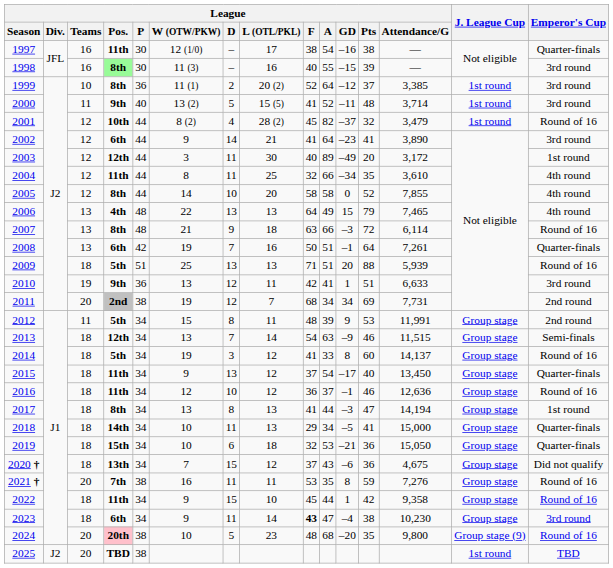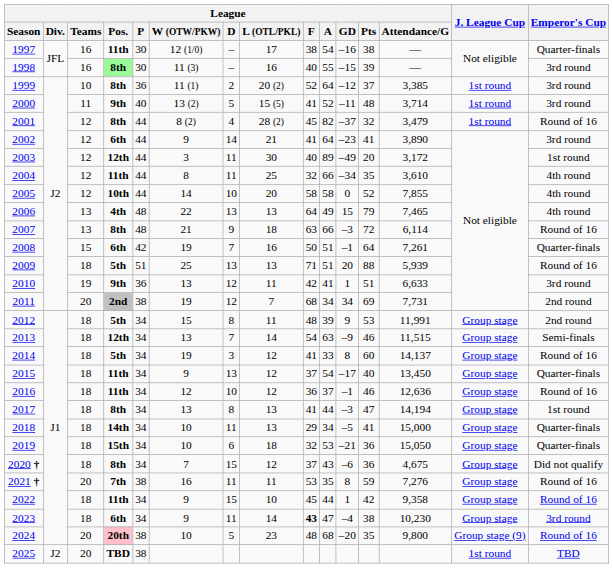 <table class="wikitable" style="text-align:center">
 <tr>
 <th colspan="13">League</th>
 <th rowspan="2"><a href='#'>J. League Cup</a></th>
 <th rowspan="2"><a href='#'>Emperor's Cup</a></th>
 </tr>
 <tr>
 <th>Season</th>
 <th>Div.</th>
 <th>Teams</th>
 <th>Pos.</th>
 <th>P</th>
 <th>W <small>(OTW/PKW)</small></th>
 <th>D</th>
 <th>L <small>(OTL/PKL)</small></th>
 <th>F</th>
 <th>A</th>
 <th>GD</th>
 <th>Pts</th>
 <th>Attendance/G</th>
 </tr>
 <tr>
 <td><a href='#'>1997</a></td>
 <td rowspan="2">JFL</td>
 <td>16</td>
 <td><strong>11th</strong></td>
 <td>30</td>
 <td>12 <small>(1/0)</small></td>
 <td>–</td>
 <td>17</td>
 <td>38</td>
 <td>54</td>
 <td>–16</td>
 <td>38</td>
 <td>—</td>
 <td rowspan="2">Not eligible</td>
 <td>Quarter-finals</td>
 </tr>
 <tr>
 <td><a href='#'>1998</a></td>
 <td>16</td>
 <td bgcolor=palegreen><strong>8th</strong></td>
 <td>30</td>
 <td>11 <small>(3)</small></td>
 <td>–</td>
 <td>16</td>
 <td>40</td>
 <td>55</td>
 <td>–15</td>
 <td>39</td>
 <td>—</td>
 <td>3rd round</td>
 </tr>
 <tr>
 <td><a href='#'>1999</a></td>
 <td rowspan="13">J2</td>
 <td>10</td>
 <td><strong>8th</strong></td>
 <td>36</td>
 <td>11 <small>(1)</small></td>
 <td>2</td>
 <td>20 <small>(2)</small></td>
 <td>52</td>
 <td>64</td>
 <td>–12</td>
 <td>37</td>
 <td>3,385</td>
 <td><a href='#'>1st round</a></td>
 <td>3rd round</td>
 </tr>
 <tr>
 <td><a href='#'>2000</a></td>
 <td>11</td>
 <td><strong>9th</strong></td>
 <td>40</td>
 <td>13 <small>(2)</small></td>
 <td>5</td>
 <td>15 <small>(5)</small></td>
 <td>41</td>
 <td>52</td>
 <td>–11</td>
 <td>48</td>
 <td>3,714</td>
 <td><a href='#'>1st round</a></td>
 <td>3rd round</td>
 </tr>
 <tr>
 <td><a href='#'>2001</a></td>
 <td>12</td>
-<td><strong>10th</strong></td>
+<td><strong>8th</strong></td>
 <td>44</td>
 <td>8 <small>(2)</small></td>
 <td>4</td>
 <td>28 <small>(2)</small></td>
 <td>45</td>
 <td>82</td>
 <td>–37</td>
 <td>32</td>
 <td>3,479</td>
 <td><a href='#'>1st round</a></td>
 <td>Round of 16</td>
 </tr>
 <tr>
 <td><a href='#'>2002</a></td>
 <td>12</td>
 <td><strong>6th</strong></td>
 <td>44</td>
 <td>9</td>
 <td>14</td>
 <td>21</td>
 <td>41</td>
 <td>64</td>
 <td>–23</td>
 <td>41</td>
 <td>3,890</td>
 <td rowspan="10">Not eligible</td>
 <td>3rd round</td>
 </tr>
 <tr>
 <td><a href='#'>2003</a></td>
 <td>12</td>
 <td><strong>12th</strong></td>
 <td>44</td>
 <td>3</td>
 <td>11</td>
 <td>30</td>
 <td>40</td>
 <td>89</td>
 <td>–49</td>
 <td>20</td>
 <td>3,172</td>
 <td>1st round</td>
 </tr>
 <tr>
 <td><a href='#'>2004</a></td>
 <td>12</td>
 <td><strong>11th</strong></td>
 <td>44</td>
 <td>8</td>
 <td>11</td>
 <td>25</td>
 <td>32</td>
 <td>66</td>
 <td>–34</td>
 <td>35</td>
 <td>3,610</td>
 <td>4th round</td>
 </tr>
 <tr>
 <td><a href='#'>2005</a></td>
 <td>12</td>
-<td><strong>8th</strong></td>
+<td><strong>10th</strong></td>
 <td>44</td>
 <td>14</td>
 <td>10</td>
 <td>20</td>
 <td>58</td>
 <td>58</td>
 <td>0</td>
 <td>52</td>
 <td>7,855</td>
 <td>4th round</td>
 </tr>
 <tr>
 <td><a href='#'>2006</a></td>
 <td>13</td>
 <td><strong>4th</strong></td>
 <td>48</td>
 <td>22</td>
 <td>13</td>
 <td>13</td>
 <td>64</td>
 <td>49</td>
 <td>15</td>
 <td>79</td>
 <td>7,465</td>
 <td>4th round</td>
 </tr>
 <tr>
 <td><a href='#'>2007</a></td>
 <td>13</td>
 <td><strong>8th</strong></td>
 <td>48</td>
 <td>21</td>
 <td>9</td>
 <td>18</td>
 <td>63</td>
 <td>66</td>
 <td>–3</td>
 <td>72</td>
 <td>6,114</td>
 <td>Round of 16</td>
 </tr>
 <tr>
 <td><a href='#'>2008</a></td>
-<td>13</td>
+<td>15</td>
 <td><strong>6th</strong></td>
 <td>42</td>
 <td>19</td>
 <td>7</td>
 <td>16</td>
 <td>50</td>
 <td>51</td>
 <td>–1</td>
 <td>64</td>
 <td>7,261</td>
 <td>Quarter-finals</td>
 </tr>
 <tr>
 <td><a href='#'>2009</a></td>
 <td>18</td>
 <td><strong>5th</strong></td>
 <td>51</td>
 <td>25</td>
 <td>13</td>
 <td>13</td>
 <td>71</td>
 <td>51</td>
 <td>20</td>
 <td>88</td>
 <td>5,939</td>
 <td>Round of 16</td>
 </tr>
 <tr>
 <td><a href='#'>2010</a></td>
 <td>19</td>
 <td><strong>9th</strong></td>
 <td>36</td>
 <td>13</td>
 <td>12</td>
 <td>11</td>
 <td>42</td>
 <td>41</td>
 <td>1</td>
 <td>51</td>
 <td>6,633</td>
 <td>3rd round</td>
 </tr>
 <tr>
 <td><a href='#'>2011</a></td>
 <td>20</td>
 <td bgcolor=silver><strong>2nd</strong></td>
 <td>38</td>
 <td>19</td>
 <td>12</td>
 <td>7</td>
 <td>68</td>
 <td>34</td>
 <td>34</td>
 <td>69</td>
 <td>7,731</td>
 <td>2nd round</td>
 </tr>
 <tr>
 <td><a href='#'>2012</a></td>
 <td rowspan="13">J1</td>
-<td>11</td>
+<td>18</td>
 <td><strong>5th</strong></td>
 <td>34</td>
 <td>15</td>
 <td>8</td>
 <td>11</td>
 <td>48</td>
 <td>39</td>
 <td>9</td>
 <td>53</td>
 <td>11,991</td>
 <td><a href='#'>Group stage</a></td>
 <td>2nd round</td>
 </tr>
 <tr>
 <td><a href='#'>2013</a></td>
 <td>18</td>
 <td><strong>12th</strong></td>
 <td>34</td>
 <td>13</td>
 <td>7</td>
 <td>14</td>
 <td>54</td>
 <td>63</td>
 <td>–9</td>
 <td>46</td>
 <td>11,515</td>
 <td><a href='#'>Group stage</a></td>
 <td>Semi-finals</td>
 </tr>
 <tr>
 <td><a href='#'>2014</a></td>
 <td>18</td>
 <td><strong>5th</strong></td>
 <td>34</td>
 <td>19</td>
 <td>3</td>
 <td>12</td>
 <td>41</td>
 <td>33</td>
 <td>8</td>
 <td>60</td>
 <td>14,137</td>
 <td><a href='#'>Group stage</a></td>
 <td>Round of 16</td>
 </tr>
 <tr>
 <td><a href='#'>2015</a></td>
 <td>18</td>
 <td><strong>11th</strong></td>
 <td>34</td>
 <td>9</td>
 <td>13</td>
 <td>12</td>
 <td>37</td>
 <td>54</td>
 <td>–17</td>
 <td>40</td>
 <td>13,450</td>
 <td><a href='#'>Group stage</a></td>
 <td>Quarter-finals</td>
 </tr>
 <tr>
 <td><a href='#'>2016</a></td>
 <td>18</td>
 <td><strong>11th</strong></td>
 <td>34</td>
 <td>12</td>
 <td>10</td>
 <td>12</td>
 <td>36</td>
 <td>37</td>
 <td>–1</td>
 <td>46</td>
 <td>12,636</td>
 <td><a href='#'>Group stage</a></td>
 <td>Round of 16</td>
 </tr>
 <tr>
 <td><a href='#'>2017</a></td>
 <td>18</td>
 <td><strong>8th</strong></td>
 <td>34</td>
 <td>13</td>
 <td>8</td>
 <td>13</td>
 <td>41</td>
 <td>44</td>
 <td>–3</td>
 <td>47</td>
 <td>14,194</td>
 <td><a href='#'>Group stage</a></td>
 <td>1st round</td>
 </tr>
 <tr>
 <td><a href='#'>2018</a></td>
 <td>18</td>
 <td><strong>14th</strong></td>
 <td>34</td>
 <td>10</td>
 <td>11</td>
 <td>13</td>
 <td>29</td>
 <td>34</td>
 <td>–5</td>
 <td>41</td>
 <td>15,000</td>
 <td><a href='#'>Group stage</a></td>
 <td>Quarter-finals</td>
 </tr>
 <tr>
 <td><a href='#'>2019</a></td>
 <td>18</td>
 <td><strong>15th</strong></td>
 <td>34</td>
 <td>10</td>
 <td>6</td>
 <td>18</td>
 <td>32</td>
 <td>53</td>
 <td>–21</td>
 <td>36</td>
 <td>15,050</td>
 <td><a href='#'>Group stage</a></td>
 <td>Quarter-finals</td>
 </tr>
 <tr>
 <td><a href='#'>2020</a> <strong>†</strong></td>
 <td>18</td>
-<td><strong>13th</strong></td>
+<td><strong>8th</strong></td>
 <td>34</td>
 <td>7</td>
 <td>15</td>
 <td>12</td>
 <td>37</td>
 <td>43</td>
 <td>–6</td>
 <td>36</td>
 <td>4,675</td>
 <td><a href='#'>Group stage</a></td>
 <td>Did not qualify</td>
 </tr>
 <tr>
 <td><a href='#'>2021</a> <strong>†</strong></td>
 <td>20</td>
 <td><strong>7th</strong></td>
 <td>38</td>
 <td>16</td>
 <td>11</td>
 <td>11</td>
 <td>53</td>
 <td>35</td>
 <td>8</td>
 <td>59</td>
 <td>7,276</td>
 <td><a href='#'>Group stage</a></td>
 <td>Round of 16</td>
 </tr>
 <tr>
 <td><a href='#'>2022</a></td>
 <td>18</td>
 <td><strong>11th</strong></td>
 <td>34</td>
 <td>9</td>
 <td>15</td>
 <td>10</td>
 <td>45</td>
 <td>44</td>
 <td>1</td>
 <td>42</td>
 <td>9,358</td>
 <td><a href='#'>Group stage</a></td>
 <td><a href='#'>Round of 16</a></td>
 </tr>
 <tr>
 <td><a href='#'>2023</a></td>
 <td>18</td>
 <td><strong>6th</strong></td>
 <td>34</td>
 <td>9</td>
 <td>11</td>
 <td>14</td>
 <td><strong>43</strong></td>
 <td>47</td>
 <td>–4</td>
 <td>38</td>
 <td>10,230</td>
 <td><a href='#'>Group stage</a></td>
 <td><a href='#'>3rd round</a></td>
 </tr>
 <tr>
 <td><a href='#'>2024</a></td>
 <td>20</td>
 <td bgcolor=pink><strong>20th</strong></td>
 <td>38</td>
 <td>10</td>
 <td>5</td>
 <td>23</td>
 <td>48</td>
 <td>68</td>
 <td>–20</td>
 <td>35</td>
 <td>9,800</td>
 <td><a href='#'>Group stage (9)</a></td>
 <td><a href='#'>Round of 16</a></td>
 </tr>
 <tr>
 <td><a href='#'>2025</a></td>
 <td>J2</td>
 <td>20</td>
 <td><strong>TBD</strong></td>
 <td>38</td>
 <td></td>
 <td></td>
 <td></td>
 <td></td>
 <td></td>
 <td></td>
 <td></td>
 <td></td>
 <td><a href='#'>1st round</a></td>
 <td><a href='#'>TBD</a></td>
 </tr>
 </table>
